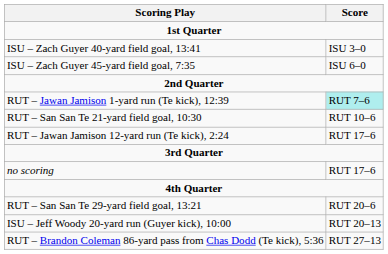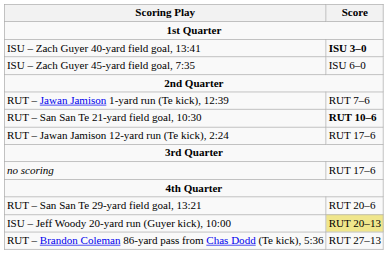 <table class="wikitable">
 <tr>
 <th>Scoring Play</th>
 <th>Score</th>
 </tr>
 <tr>
 <td colspan="4" style="text-align:center;"><strong>1st Quarter</strong></td>
 </tr>
 <tr>
 <td>ISU – Zach Guyer 40-yard field goal, 13:41</td>
-<td>ISU 3–0</td>
+<td><strong>ISU 3–0</strong></td>
 </tr>
 <tr>
 <td>ISU – Zach Guyer 45-yard field goal, 7:35</td>
 <td>ISU 6–0</td>
 </tr>
 <tr>
 <td colspan="4" style="text-align:center;"><strong>2nd Quarter</strong></td>
 </tr>
 <tr>
 <td>RUT – <a href='#'>Jawan Jamison</a> 1-yard run (Te kick), 12:39</td>
-<td style="background: paleturquoise;">RUT 7–6</td>
+<td>RUT 7–6</td>
 </tr>
 <tr>
 <td>RUT – San San Te 21-yard field goal, 10:30</td>
-<td>RUT 10–6</td>
+<td><strong>RUT 10–6</strong></td>
 </tr>
 <tr>
 <td>RUT – Jawan Jamison 12-yard run (Te kick), 2:24</td>
 <td>RUT 17–6</td>
 </tr>
 <tr>
 <td colspan="4" style="text-align:center;"><strong>3rd Quarter</strong></td>
 </tr>
 <tr>
 <td><em>no scoring</em></td>
 <td>RUT 17–6</td>
 </tr>
 <tr>
 <td colspan="4" style="text-align:center;"><strong>4th Quarter</strong></td>
 </tr>
 <tr>
 <td>RUT – San San Te 29-yard field goal, 13:21</td>
 <td>RUT 20–6</td>
 </tr>
 <tr>
 <td>ISU – Jeff Woody 20-yard run (Guyer kick), 10:00</td>
-<td>RUT 20–13</td>
+<td style="background: khaki;">RUT 20–13</td>
 </tr>
 <tr>
 <td>RUT – <a href='#'>Brandon Coleman</a> 86-yard pass from <a href='#'>Chas Dodd</a> (Te kick), 5:36</td>
 <td>RUT 27–13</td>
 </tr>
 </table>
